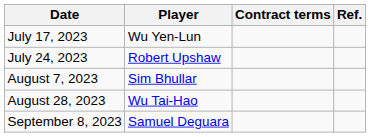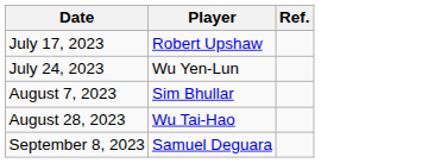 <table class="wikitable">
 <tr>
 <th>Date</th>
 <th>Player</th>
-<th>Contract terms</th>
 <th>Ref.</th>
 </tr>
 <tr>
 <td>July 17, 2023</td>
-<td>Wu Yen-Lun</td>
-<td></td>
+<td><a href='#'>Robert Upshaw</a></td>
 <td></td>
 </tr>
 <tr>
 <td>July 24, 2023</td>
-<td><a href='#'>Robert Upshaw</a></td>
-<td></td>
+<td>Wu Yen-Lun</td>
 <td></td>
 </tr>
 <tr>
 <td>August 7, 2023</td>
 <td><a href='#'>Sim Bhullar</a></td>
 <td></td>
-<td></td>
 </tr>
 <tr>
 <td>August 28, 2023</td>
 <td><a href='#'>Wu Tai-Hao</a></td>
-<td></td>
 <td></td>
 </tr>
 <tr>
 <td>September 8, 2023</td>
 <td><a href='#'>Samuel Deguara</a></td>
 <td></td>
-<td></td>
 </tr>
 </table>
